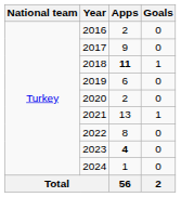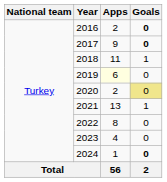 <table class="wikitable" style="text-align: center;">
 <tr>
 <th>National team</th>
 <th>Year</th>
 <th>Apps</th>
 <th>Goals</th>
 </tr>
 <tr>
 <td rowspan=9><a href='#'>Turkey</a></td>
 <td>2016</td>
 <td>2</td>
-<td>0</td>
+<td><strong>0</strong></td>
 </tr>
 <tr>
 <td>2017</td>
 <td>9</td>
-<td>0</td>
+<td><strong>0</strong></td>
 </tr>
 <tr>
 <td>2018</td>
-<td><strong>11</strong></td>
+<td>11</td>
 <td>1</td>
 </tr>
 <tr>
 <td>2019</td>
-<td>6</td>
+<td style="background: lightyellow;">6</td>
 <td>0</td>
 </tr>
 <tr>
 <td>2020</td>
 <td>2</td>
-<td>0</td>
+<td style="background: khaki;">0</td>
 </tr>
 <tr>
 <td>2021</td>
 <td>13</td>
 <td>1</td>
 </tr>
 <tr>
 <td>2022</td>
 <td>8</td>
 <td>0</td>
 </tr>
 <tr>
 <td>2023</td>
-<td><strong>4</strong></td>
+<td>4</td>
 <td>0</td>
 </tr>
 <tr>
 <td>2024</td>
 <td>1</td>
-<td>0</td>
+<td><strong>0</strong></td>
 </tr>
 <tr>
 <th colspan=2>Total</th>
 <th>56</th>
 <th>2</th>
 </tr>
 </table>
